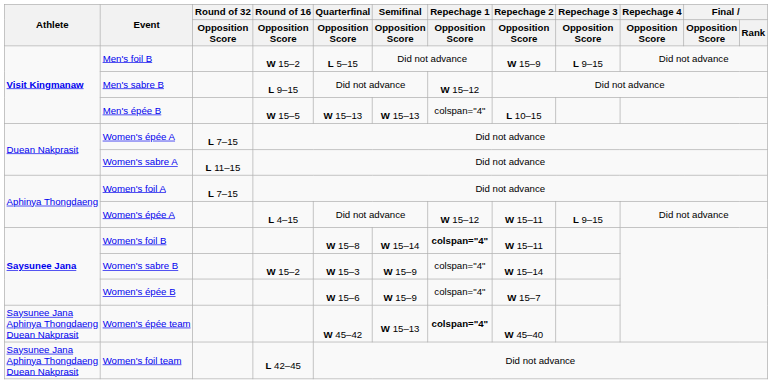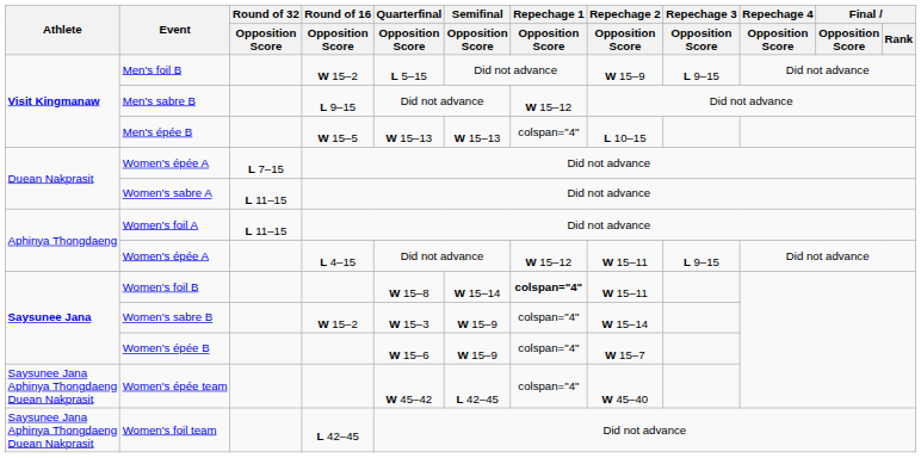 <table class=wikitable style="font-size:90%">
 <tr>
 <th rowspan="2">Athlete</th>
 <th rowspan="2">Event</th>
 <th>Round of 32</th>
 <th>Round of 16</th>
 <th>Quarterfinal</th>
 <th>Semifinal</th>
 <th>Repechage 1</th>
 <th>Repechage 2</th>
 <th>Repechage 3</th>
 <th>Repechage 4</th>
 <th colspan="2">Final / </th>
 </tr>
 <tr>
 <th>Opposition<br>Score</th>
 <th>Opposition<br>Score</th>
 <th>Opposition<br>Score</th>
 <th>Opposition<br>Score</th>
 <th>Opposition<br>Score</th>
 <th>Opposition<br>Score</th>
 <th>Opposition<br>Score</th>
 <th>Opposition<br>Score</th>
 <th>Opposition<br>Score</th>
 <th>Rank</th>
 </tr>
 <tr align=center>
 <td align=left rowspan=3><strong><a href='#'>Visit Kingmanaw</a></strong></td>
 <td align=left><a href='#'>Men's foil B</a></td>
 <td></td>
 <td><br><strong>W</strong> 15–2</td>
 <td><br><strong>L</strong> 5–15</td>
 <td colspan="2">Did not advance</td>
 <td><br><strong>W</strong> 15–9</td>
 <td><br><strong>L</strong> 9–15</td>
 <td colspan="3">Did not advance</td>
 </tr>
 <tr align=center>
 <td align=left><a href='#'>Men's sabre B</a></td>
 <td></td>
 <td><br><strong>L</strong> 9–15</td>
 <td colspan="2">Did not advance</td>
 <td><br><strong>W</strong> 15–12</td>
 <td colspan="5">Did not advance</td>
 </tr>
 <tr align=center>
 <td align=left><a href='#'>Men's épée B</a></td>
 <td></td>
 <td><br><strong>W</strong> 15–5</td>
 <td><br><strong>W</strong> 15–13</td>
 <td><br><strong>W</strong> 15–13</td>
 <td>colspan="4" </td>
 <td><br><strong>L</strong> 10–15</td>
 <td></td>
 </tr>
 <tr align=center>
 <td align=left rowspan=2><a href='#'>Duean Nakprasit</a></td>
 <td align=left><a href='#'>Women's épée A</a></td>
 <td><br><strong>L</strong> 7–15</td>
 <td colspan="9">Did not advance</td>
 </tr>
 <tr align=center>
 <td align=left><a href='#'>Women's sabre A</a></td>
 <td><br><strong>L</strong> 11–15</td>
 <td colspan="9">Did not advance</td>
 </tr>
 <tr align=center>
 <td align=left rowspan=2><a href='#'>Aphinya Thongdaeng</a></td>
 <td align=left><a href='#'>Women's foil A</a></td>
-<td><br><strong>L</strong> 7–15</td>
+<td><br><strong>L</strong> 11–15</td>
 <td colspan="9">Did not advance</td>
 </tr>
 <tr align=center>
 <td align=left><a href='#'>Women's épée A</a></td>
 <td></td>
 <td><br><strong>L</strong> 4–15</td>
 <td colspan="2">Did not advance</td>
 <td><br><strong>W</strong> 15–12</td>
 <td><br><strong>W</strong> 15–11</td>
 <td><br><strong>L</strong> 9–15</td>
 <td colspan="3">Did not advance</td>
 </tr>
 <tr align=center>
 <td align=left rowspan=3><strong><a href='#'>Saysunee Jana</a></strong></td>
 <td align=left><a href='#'>Women's foil B</a></td>
 <td></td>
 <td></td>
 <td><br><strong>W</strong> 15–8</td>
 <td><br><strong>W</strong> 15–14</td>
 <td><strong>colspan="4" </strong></td>
 <td><br><strong>W</strong> 15–11</td>
 <td></td>
 </tr>
 <tr align=center>
 <td align=left><a href='#'>Women's sabre B</a></td>
 <td></td>
 <td><br><strong>W</strong> 15–2</td>
 <td><br><strong>W</strong> 15–3</td>
 <td><br><strong>W</strong> 15–9</td>
 <td>colspan="4" </td>
 <td><br><strong>W</strong> 15–14</td>
 <td></td>
 </tr>
 <tr align=center>
 <td align=left><a href='#'>Women's épée B</a></td>
 <td></td>
 <td></td>
 <td><br><strong>W</strong> 15–6</td>
 <td><br><strong>W</strong> 15–9</td>
 <td>colspan="4" </td>
 <td><br><strong>W</strong> 15–7</td>
 <td></td>
 </tr>
 <tr align=center>
 <td align=left><a href='#'>Saysunee Jana</a><br><a href='#'>Aphinya Thongdaeng</a><br><a href='#'>Duean Nakprasit</a></td>
 <td align=left><a href='#'>Women's épée team</a></td>
 <td></td>
 <td></td>
 <td><br><br><strong>W</strong> 45–42</td>
-<td><br><strong>W</strong> 15–13</td>
-<td><strong>colspan="4" </strong></td>
+<td><br><br><strong>L</strong> 42–45</td>
+<td>colspan="4" </td>
 <td><br><br><strong>W</strong> 45–40</td>
 <td></td>
 </tr>
 <tr align=center>
 <td align=left><a href='#'>Saysunee Jana</a><br><a href='#'>Aphinya Thongdaeng</a><br><a href='#'>Duean Nakprasit</a></td>
 <td align=left><a href='#'>Women's foil team</a></td>
 <td></td>
 <td><br><strong>L</strong> 42–45</td>
 <td colspan="8">Did not advance</td>
 </tr>
 </table>
